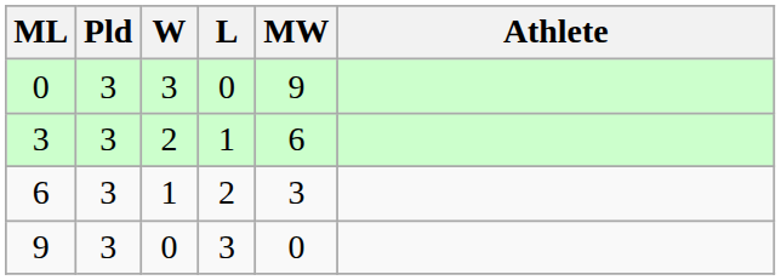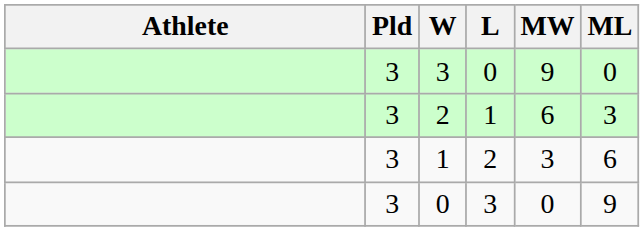 <table class="wikitable" style="text-align:center">
 <tr>
-<th width=20>ML</th>
+<th width=200>Athlete</th>
 <th width=20>Pld</th>
 <th width=20>W</th>
 <th width=20>L</th>
 <th width=20>MW</th>
-<th width=200>Athlete</th>
+<th width=20>ML</th>
 </tr>
 <tr bgcolor="ccffcc">
-<td>0</td>
+<td style="text-align:left"></td>
 <td>3</td>
 <td>3</td>
 <td>0</td>
 <td>9</td>
-<td style="text-align:left"></td>
+<td>0</td>
 </tr>
 <tr bgcolor="ccffcc">
-<td>3</td>
+<td style="text-align:left"></td>
 <td>3</td>
 <td>2</td>
 <td>1</td>
 <td>6</td>
-<td style="text-align:left"></td>
+<td>3</td>
 </tr>
 <tr>
-<td>6</td>
+<td style="text-align:left"></td>
 <td>3</td>
 <td>1</td>
 <td>2</td>
 <td>3</td>
-<td style="text-align:left"></td>
+<td>6</td>
 </tr>
 <tr>
-<td>9</td>
+<td style="text-align:left"></td>
 <td>3</td>
 <td>0</td>
 <td>3</td>
 <td>0</td>
-<td style="text-align:left"></td>
+<td>9</td>
 </tr>
 </table>
